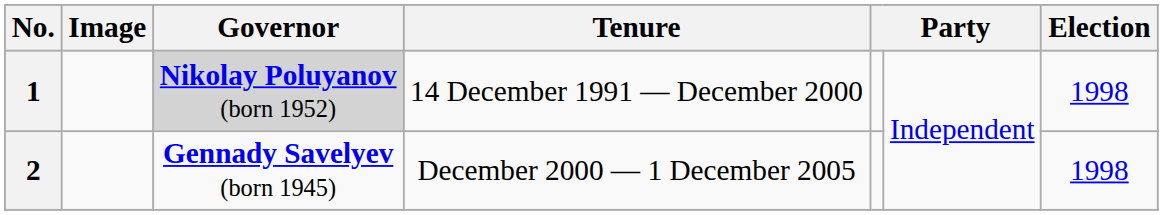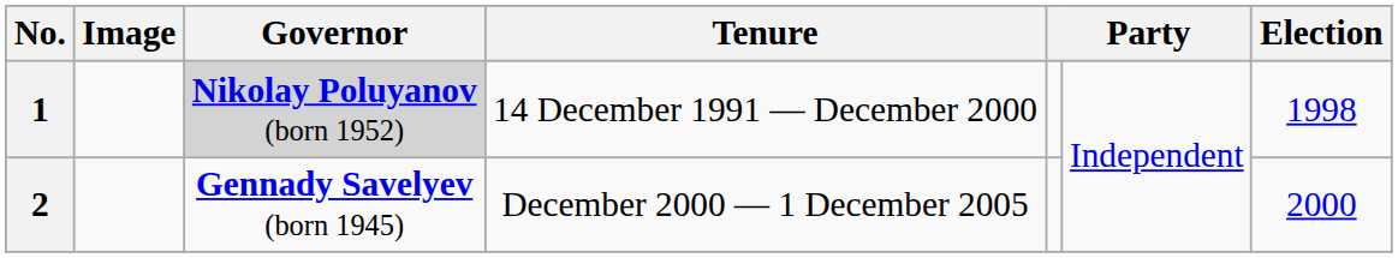 <table class="wikitable" style="text-align:center">
 <tr style="background:#cccccc" bgcolor=#E6E6AA>
 <th>No.</th>
 <th>Image</th>
 <th>Governor</th>
 <th>Tenure</th>
 <th colspan="2">Party</th>
 <th>Election</th>
 </tr>
 <tr>
 <th>1</th>
 <td></td>
 <td style="background: lightgrey;"><strong><a href='#'>Nikolay Poluyanov</a></strong><br><small>(born 1952)</small></td>
 <td>14 December 1991 — December 2000</td>
 <td style="background: "></td>
 <td rowspan=2><a href='#'>Independent</a></td>
 <td><a href='#'>1998</a></td>
 </tr>
 <tr>
 <th>2</th>
 <td></td>
 <td><strong><a href='#'>Gennady Savelyev</a></strong><br><small>(born 1945)</small></td>
 <td>December 2000 — 1 December 2005</td>
 <td style="background: "></td>
-<td><a href='#'>1998</a></td>
+<td><a href='#'>2000</a></td>
 </tr>
 </table>
